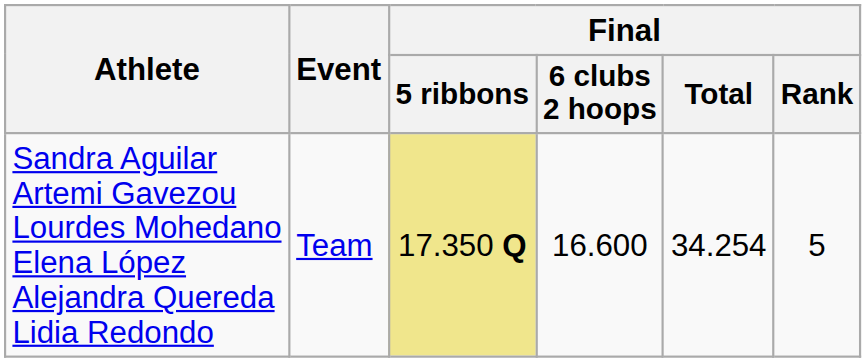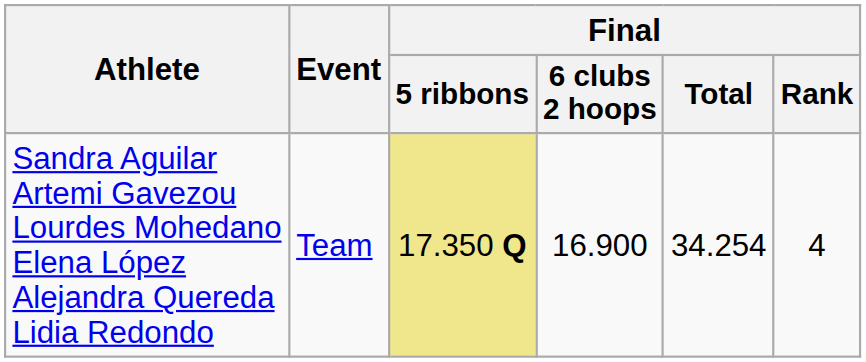 <table class="wikitable" style="font-size:90%">
 <tr>
 <th rowspan="2">Athlete</th>
 <th rowspan="2">Event</th>
 <th colspan="4">Final</th>
 </tr>
 <tr style="font-size:95%">
 <th>5 ribbons</th>
 <th>6 clubs   <br>2 hoops</th>
 <th>Total</th>
 <th>Rank</th>
 </tr>
 <tr align=center>
 <td align=left><a href='#'>Sandra Aguilar</a><br><a href='#'>Artemi Gavezou</a><br><a href='#'>Lourdes Mohedano</a><br><a href='#'>Elena López</a><br><a href='#'>Alejandra Quereda</a><br><a href='#'>Lidia Redondo</a></td>
 <td align=left><a href='#'>Team</a></td>
 <td style="background: khaki;">17.350 <strong>Q</strong></td>
-<td>16.600</td>
+<td>16.900</td>
 <td>34.254</td>
-<td>5</td>
+<td>4</td>
 </tr>
 </table>
